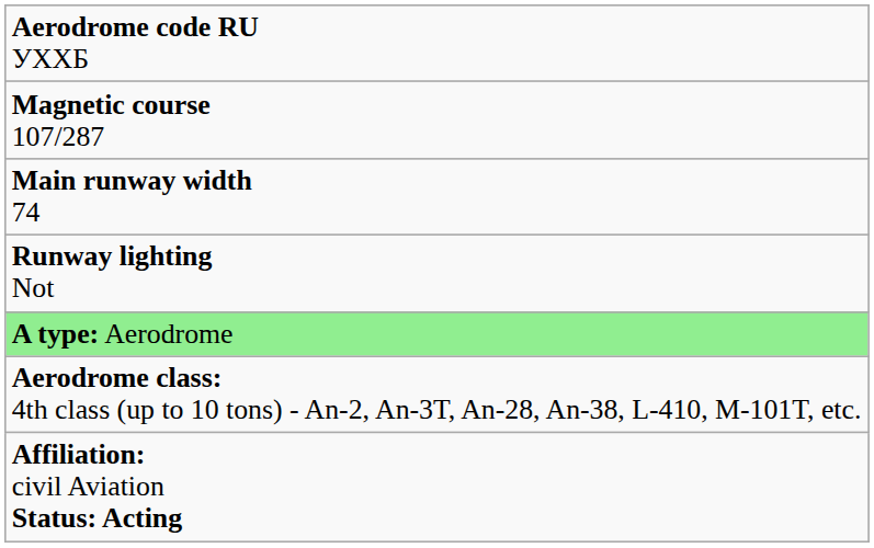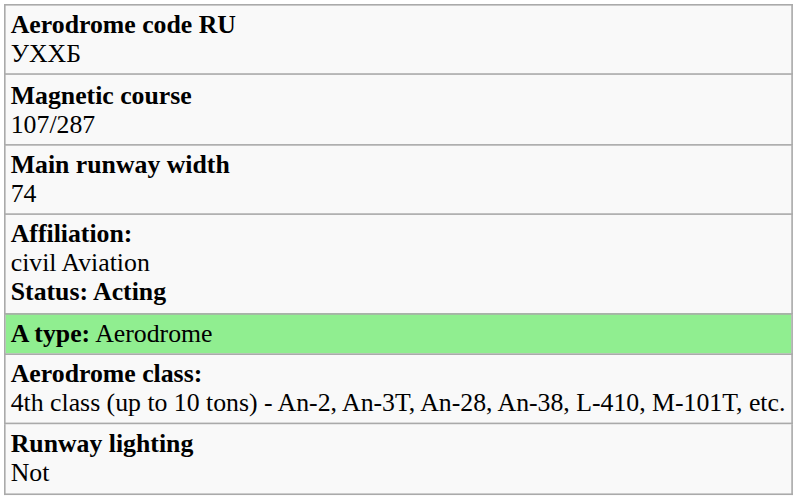 <table class="wikitable">
 <tr>
 <td><strong>Aerodrome code RU</strong><br>УХХБ</td>
 </tr>
 <tr>
 <td><strong>Magnetic course</strong><br>107/287</td>
 </tr>
 <tr>
 <td><strong>Main runway width</strong><br>74</td>
 </tr>
 <tr>
-<td><strong>Runway lighting</strong><br>Not</td>
+<td><strong>Affiliation:</strong><br>civil Aviation<br><strong>Status: Acting</strong></td>
 </tr>
 <tr>
 <td style="background: lightgreen;"><strong>A type:</strong> Aerodrome</td>
 </tr>
 <tr>
 <td><strong>Aerodrome class:</strong><br>4th class (up to 10 tons) - An-2, An-3T, An-28, An-38, L-410, M-101T, etc.</td>
 </tr>
 <tr>
-<td><strong>Affiliation:</strong><br>civil Aviation<br><strong>Status: Acting</strong></td>
+<td><strong>Runway lighting</strong><br>Not</td>
 </tr>
 </table>
